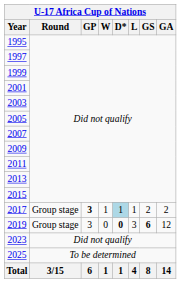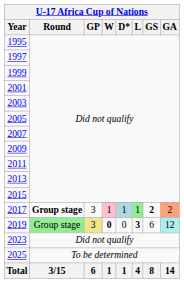 <table class="wikitable" style="text-align: center;">
 <tr>
 <th colspan=8><a href='#'>U-17 Africa Cup of Nations</a></th>
 </tr>
 <tr>
 <th>Year</th>
 <th>Round</th>
 <th>GP</th>
 <th>W</th>
 <th>D*</th>
 <th>L</th>
 <th>GS</th>
 <th>GA</th>
 </tr>
 <tr>
 <td> <a href='#'>1995</a></td>
 <td colspan=7 rowspan=11><em>Did not qualify</em></td>
 </tr>
 <tr>
 <td> <a href='#'>1997</a></td>
 </tr>
 <tr>
 <td> <a href='#'>1999</a></td>
 </tr>
 <tr>
 <td> <a href='#'>2001</a></td>
 </tr>
 <tr>
 <td> <a href='#'>2003</a></td>
 </tr>
 <tr>
 <td> <a href='#'>2005</a></td>
 </tr>
 <tr>
 <td> <a href='#'>2007</a></td>
 </tr>
 <tr>
 <td> <a href='#'>2009</a></td>
 </tr>
 <tr>
 <td> <a href='#'>2011</a></td>
 </tr>
 <tr>
 <td> <a href='#'>2013</a></td>
 </tr>
 <tr>
 <td> <a href='#'>2015</a></td>
 </tr>
 <tr>
 <td> <a href='#'>2017</a></td>
-<td>Group stage</td>
-<td><strong>3</strong></td>
-<td>1</td>
+<td><strong>Group stage</strong></td>
+<td>3</td>
+<td style="background: pink;">1</td>
 <td style="background: lightblue;">1</td>
-<td>1</td>
-<td>2</td>
-<td>2</td>
+<td style="background: lightgreen;">1</td>
+<td><strong>2</strong></td>
+<td style="background: lightsalmon;">2</td>
 </tr>
 <tr>
 <td> <a href='#'>2019</a></td>
-<td>Group stage</td>
-<td>3</td>
+<td style="background: lightgreen;">Group stage</td>
+<td style="background: khaki;">3</td>
+<td><strong>0</strong></td>
 <td>0</td>
-<td><strong>0</strong></td>
-<td>3</td>
-<td><strong>6</strong></td>
-<td>12</td>
+<td><strong>3</strong></td>
+<td>6</td>
+<td style="background: paleturquoise;">12</td>
 </tr>
 <tr>
 <td> <a href='#'>2023</a></td>
 <td colspan=7><em>Did not qualify</em></td>
 </tr>
 <tr>
 <td> <a href='#'>2025</a></td>
 <td colspan=7><em>To be determined</em></td>
 </tr>
 <tr>
 <th>Total</th>
 <th>3/15</th>
 <th>6</th>
 <th>1</th>
 <th>1</th>
 <th>4</th>
 <th>8</th>
 <th>14</th>
 </tr>
 </table>
